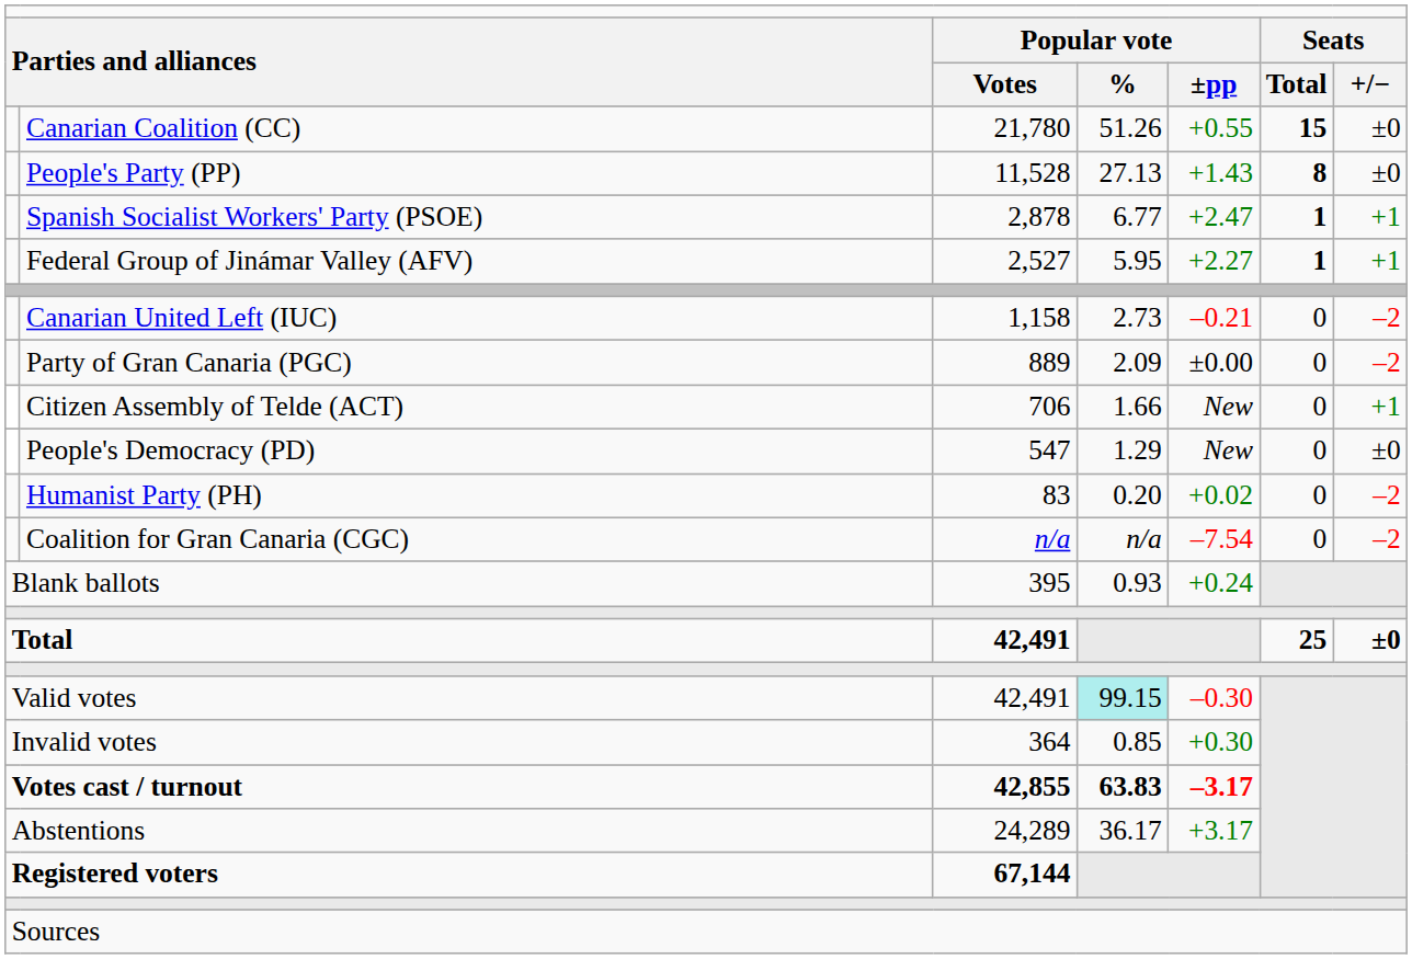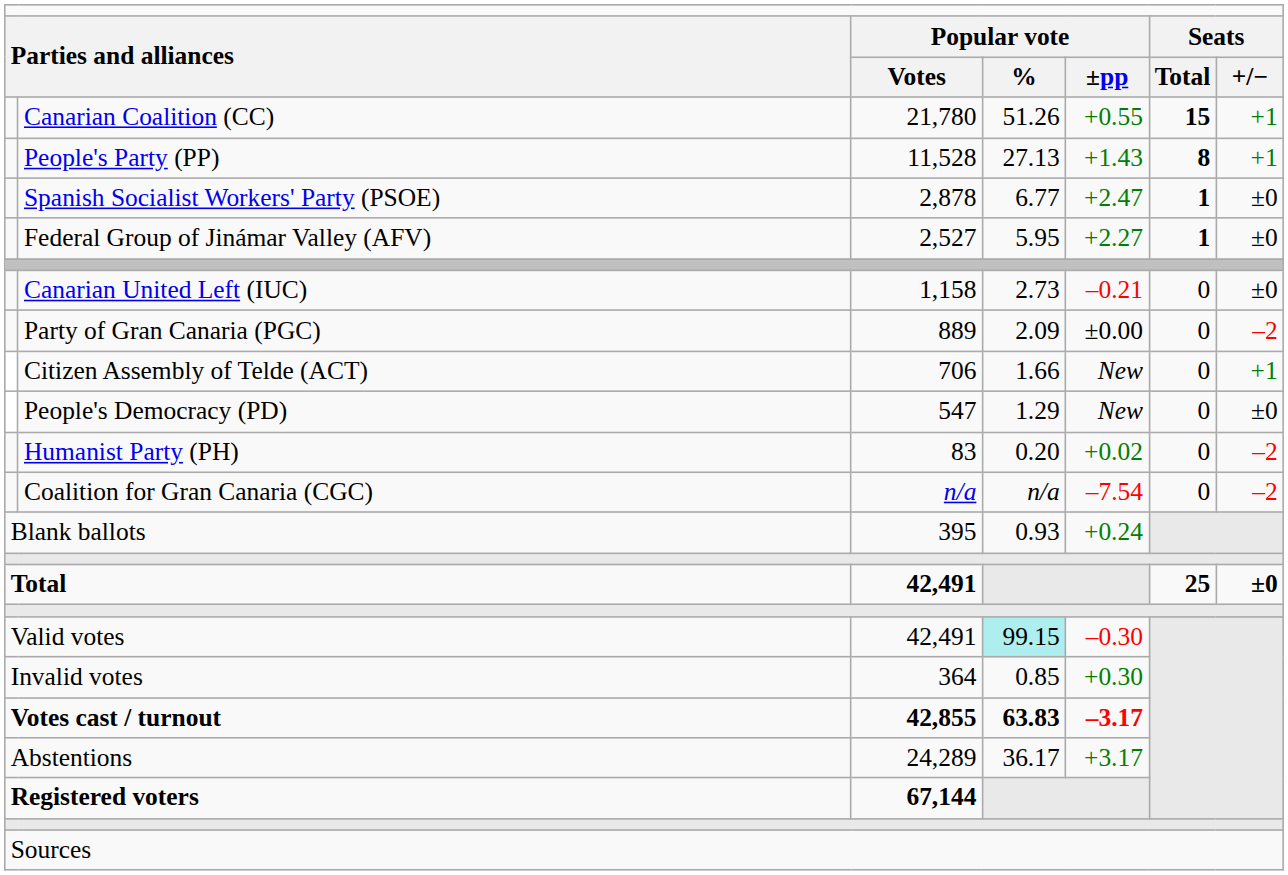 <table class="wikitable" style="text-align:right;">
 <tr>
 <td colspan="7"></td>
 </tr>
 <tr>
 <th style="text-align:left;" rowspan="2" colspan="2" width="525">Parties and alliances</th>
 <th colspan="3">Popular vote</th>
 <th colspan="2">Seats</th>
 </tr>
 <tr>
 <th width="75">Votes</th>
 <th width="45">%</th>
 <th width="45">±<a href='#'>pp</a></th>
 <th width="35">Total</th>
 <th width="35">+/−</th>
 </tr>
 <tr>
 <td width="1" style="color:inherit;background:"></td>
 <td align="left"><a href='#'>Canarian Coalition</a> (CC)</td>
 <td>21,780</td>
 <td>51.26</td>
 <td style="color:green;">+0.55</td>
 <td><strong>15</strong></td>
-<td>±0</td>
+<td style="color:green;">+1</td>
 </tr>
 <tr>
 <td style="color:inherit;background:"></td>
 <td align="left"><a href='#'>People's Party</a> (PP)</td>
 <td>11,528</td>
 <td>27.13</td>
 <td style="color:green;">+1.43</td>
 <td><strong>8</strong></td>
-<td>±0</td>
+<td style="color:green;">+1</td>
 </tr>
 <tr>
 <td style="color:inherit;background:"></td>
 <td align="left"><a href='#'>Spanish Socialist Workers' Party</a> (PSOE)</td>
 <td>2,878</td>
 <td>6.77</td>
 <td style="color:green;">+2.47</td>
 <td><strong>1</strong></td>
-<td style="color:green;">+1</td>
+<td>±0</td>
 </tr>
 <tr>
 <td style="color:inherit;background:"></td>
 <td align="left">Federal Group of Jinámar Valley (AFV)</td>
 <td>2,527</td>
 <td>5.95</td>
 <td style="color:green;">+2.27</td>
 <td><strong>1</strong></td>
-<td style="color:green;">+1</td>
+<td>±0</td>
 </tr>
 <tr>
 <td colspan="7" style="color:inherit;background:#C0C0C0"></td>
 </tr>
 <tr>
 <td style="color:inherit;background:"></td>
 <td align="left"><a href='#'>Canarian United Left</a> (IUC)</td>
 <td>1,158</td>
 <td>2.73</td>
 <td style="color:red;">–0.21</td>
 <td>0</td>
-<td style="color:red;">–2</td>
+<td>±0</td>
 </tr>
 <tr>
 <td style="color:inherit;background:"></td>
 <td align="left">Party of Gran Canaria (PGC)</td>
 <td>889</td>
 <td>2.09</td>
 <td>±0.00</td>
 <td>0</td>
 <td style="color:red;">–2</td>
 </tr>
 <tr>
 <td bgcolor="white"></td>
 <td align="left">Citizen Assembly of Telde (ACT)</td>
 <td>706</td>
 <td>1.66</td>
 <td><em>New</em></td>
 <td>0</td>
 <td style="color:green;">+1</td>
 </tr>
 <tr>
 <td bgcolor="white"></td>
 <td align="left">People's Democracy (PD)</td>
 <td>547</td>
 <td>1.29</td>
 <td><em>New</em></td>
 <td>0</td>
 <td>±0</td>
 </tr>
 <tr>
 <td style="color:inherit;background:"></td>
 <td align="left"><a href='#'>Humanist Party</a> (PH)</td>
 <td>83</td>
 <td>0.20</td>
 <td style="color:green;">+0.02</td>
 <td>0</td>
 <td style="color:red;">–2</td>
 </tr>
 <tr>
 <td style="color:inherit;background:"></td>
 <td align="left">Coalition for Gran Canaria (CGC)</td>
 <td><em><a href='#'>n/a</a></em></td>
 <td><em>n/a</em></td>
 <td style="color:red;">–7.54</td>
 <td>0</td>
 <td style="color:red;">–2</td>
 </tr>
 <tr>
 <td align="left" colspan="2">Blank ballots</td>
 <td>395</td>
 <td>0.93</td>
 <td style="color:green;">+0.24</td>
 <td style="color:inherit;background:#E9E9E9" colspan="2"></td>
 </tr>
 <tr>
 <td colspan="7" style="color:inherit;background:#E9E9E9"></td>
 </tr>
 <tr style="font-weight:bold;">
 <td align="left" colspan="2">Total</td>
 <td>42,491</td>
 <td bgcolor="#E9E9E9" colspan="2"></td>
 <td>25</td>
 <td>±0</td>
 </tr>
 <tr>
 <td colspan="7" style="color:inherit;background:#E9E9E9"></td>
 </tr>
 <tr>
 <td align="left" colspan="2">Valid votes</td>
 <td>42,491</td>
 <td style="background: paleturquoise;">99.15</td>
 <td style="color:red;">–0.30</td>
 <td bgcolor="#E9E9E9" colspan="2" rowspan="5"></td>
 </tr>
 <tr>
 <td align="left" colspan="2">Invalid votes</td>
 <td>364</td>
 <td>0.85</td>
 <td style="color:green;">+0.30</td>
 </tr>
 <tr style="font-weight:bold;">
 <td align="left" colspan="2">Votes cast / turnout</td>
 <td>42,855</td>
 <td>63.83</td>
 <td style="color:red;">–3.17</td>
 </tr>
 <tr>
 <td align="left" colspan="2">Abstentions</td>
 <td>24,289</td>
 <td>36.17</td>
 <td style="color:green;">+3.17</td>
 </tr>
 <tr style="font-weight:bold;">
 <td align="left" colspan="2">Registered voters</td>
 <td>67,144</td>
 <td bgcolor="#E9E9E9" colspan="2"></td>
 </tr>
 <tr>
 <td colspan="7" style="color:inherit;background:#E9E9E9"></td>
 </tr>
 <tr>
 <td align="left" colspan="7">Sources</td>
 </tr>
 </table>
